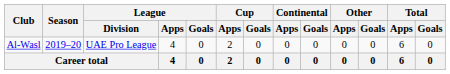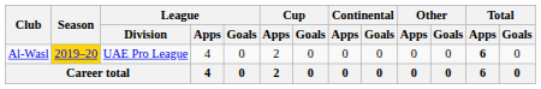 <table class="wikitable" style="text-align: center">
 <tr>
 <th rowspan="2">Club</th>
 <th rowspan="2">Season</th>
 <th colspan="3">League</th>
 <th colspan="2">Cup</th>
 <th colspan="2">Continental</th>
 <th colspan="2">Other</th>
 <th colspan="2">Total</th>
 </tr>
 <tr>
 <th>Division</th>
 <th>Apps</th>
 <th>Goals</th>
 <th>Apps</th>
 <th>Goals</th>
 <th>Apps</th>
 <th>Goals</th>
 <th>Apps</th>
 <th>Goals</th>
 <th>Apps</th>
 <th>Goals</th>
 </tr>
 <tr>
 <td><a href='#'>Al-Wasl</a></td>
-<td><a href='#'>2019–20</a></td>
+<td style="background: gold;"><a href='#'>2019–20</a></td>
 <td><a href='#'>UAE Pro League</a></td>
 <td>4</td>
 <td>0</td>
 <td>2</td>
 <td>0</td>
 <td>0</td>
 <td>0</td>
 <td>0</td>
 <td>0</td>
-<td>6</td>
+<td><strong>6</strong></td>
 <td>0</td>
 </tr>
 <tr>
 <th colspan="3"><strong>Career total</strong></th>
 <th>4</th>
 <th>0</th>
 <th>2</th>
 <th>0</th>
 <th>0</th>
 <th>0</th>
 <th>0</th>
 <th>0</th>
 <th>6</th>
 <th>0</th>
 </tr>
 </table>
